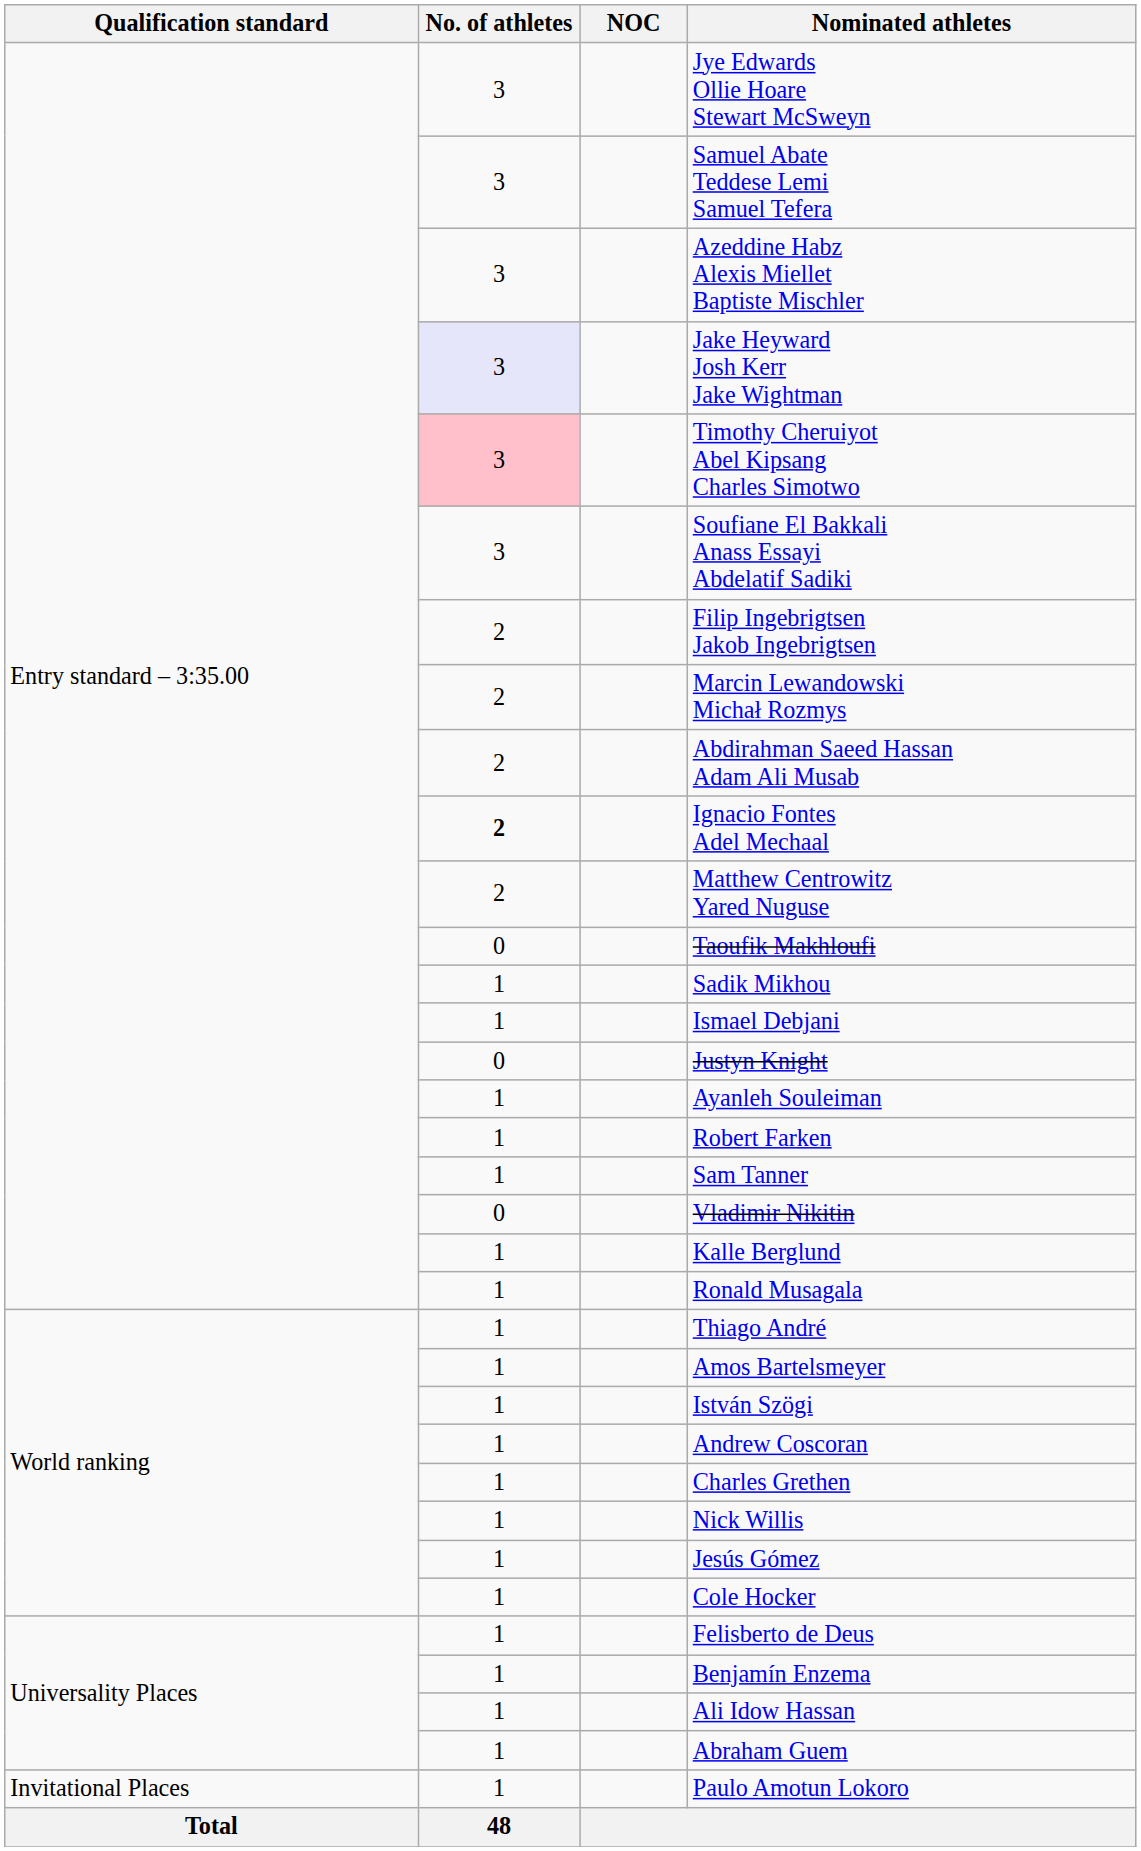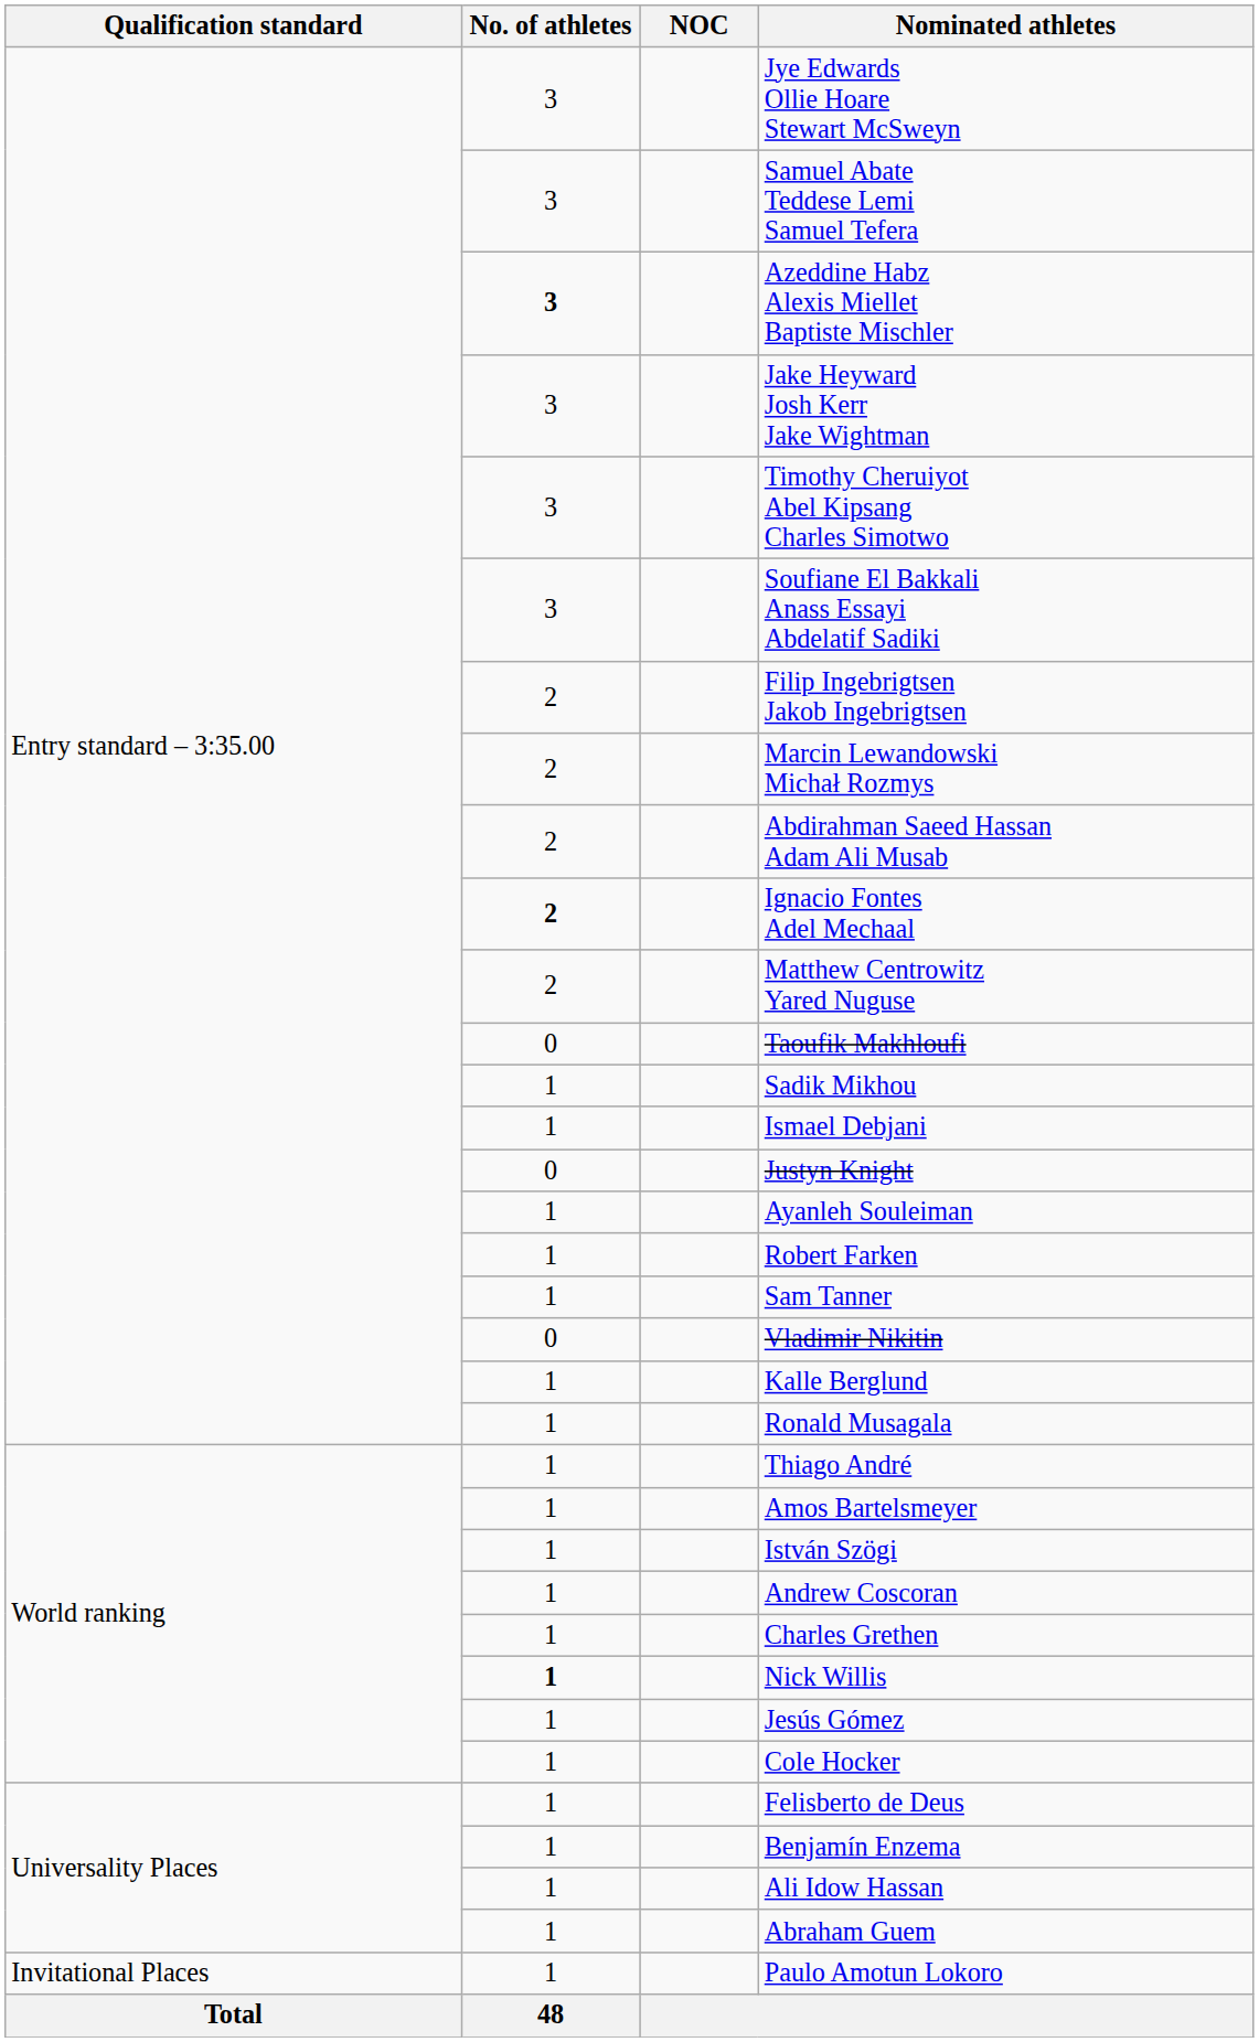 <table class="wikitable" style="text-align:left; width:750px;">
 <tr>
 <th>Qualification standard</th>
 <th width=100>No. of athletes</th>
 <th>NOC</th>
 <th>Nominated athletes</th>
 </tr>
 <tr>
 <td rowspan=21>Entry standard – 3:35.00</td>
 <td align=center>3</td>
 <td></td>
 <td><a href='#'>Jye Edwards</a><br><a href='#'>Ollie Hoare</a><br><a href='#'>Stewart McSweyn</a></td>
 </tr>
 <tr>
 <td align=center>3</td>
 <td></td>
 <td><a href='#'>Samuel Abate</a><br><a href='#'>Teddese Lemi</a><br><a href='#'>Samuel Tefera</a></td>
 </tr>
 <tr>
-<td align=center>3</td>
+<td align=center><strong>3</strong></td>
 <td></td>
 <td><a href='#'>Azeddine Habz</a><br><a href='#'>Alexis Miellet</a><br><a href='#'>Baptiste Mischler</a></td>
 </tr>
 <tr>
-<td align=center style="background: lavender;">3</td>
+<td align=center>3</td>
 <td></td>
 <td><a href='#'>Jake Heyward</a><br><a href='#'>Josh Kerr</a><br><a href='#'>Jake Wightman</a></td>
 </tr>
 <tr>
-<td align=center style="background: pink;">3</td>
+<td align=center>3</td>
 <td></td>
 <td><a href='#'>Timothy Cheruiyot</a><br><a href='#'>Abel Kipsang</a><br><a href='#'>Charles Simotwo</a></td>
 </tr>
 <tr>
 <td align=center>3</td>
 <td></td>
 <td><a href='#'>Soufiane El Bakkali</a><br><a href='#'>Anass Essayi</a><br><a href='#'>Abdelatif Sadiki</a></td>
 </tr>
 <tr>
 <td align=center>2</td>
 <td></td>
 <td><a href='#'>Filip Ingebrigtsen</a><br><a href='#'>Jakob Ingebrigtsen</a></td>
 </tr>
 <tr>
 <td align=center>2</td>
 <td></td>
 <td><a href='#'>Marcin Lewandowski</a><br><a href='#'>Michał Rozmys</a></td>
 </tr>
 <tr>
 <td align=center>2</td>
 <td></td>
 <td><a href='#'>Abdirahman Saeed Hassan</a><br><a href='#'>Adam Ali Musab</a></td>
 </tr>
 <tr>
 <td align=center><strong>2</strong></td>
 <td></td>
 <td><a href='#'>Ignacio Fontes</a><br><a href='#'>Adel Mechaal</a></td>
 </tr>
 <tr>
 <td align=center>2</td>
 <td></td>
 <td><a href='#'>Matthew Centrowitz</a><br><a href='#'>Yared Nuguse</a></td>
 </tr>
 <tr>
 <td align=center>0</td>
 <td></td>
 <td><s><a href='#'>Taoufik Makhloufi</a></s></td>
 </tr>
 <tr>
 <td align=center>1</td>
 <td></td>
 <td><a href='#'>Sadik Mikhou</a></td>
 </tr>
 <tr>
 <td align=center>1</td>
 <td></td>
 <td><a href='#'>Ismael Debjani</a></td>
 </tr>
 <tr>
 <td align=center>0</td>
 <td></td>
 <td><s><a href='#'>Justyn Knight</a></s></td>
 </tr>
 <tr>
 <td align=center>1</td>
 <td></td>
 <td><a href='#'>Ayanleh Souleiman</a></td>
 </tr>
 <tr>
 <td align=center>1</td>
 <td></td>
 <td><a href='#'>Robert Farken</a></td>
 </tr>
 <tr>
 <td align=center>1</td>
 <td></td>
 <td><a href='#'>Sam Tanner</a></td>
 </tr>
 <tr>
 <td align=center>0</td>
 <td> </td>
 <td><s><a href='#'>Vladimir Nikitin</a></s></td>
 </tr>
 <tr>
 <td align=center>1</td>
 <td></td>
 <td><a href='#'>Kalle Berglund</a></td>
 </tr>
 <tr>
 <td align=center>1</td>
 <td></td>
 <td><a href='#'>Ronald Musagala</a></td>
 </tr>
 <tr>
 <td rowspan=8>World ranking</td>
 <td align=center>1</td>
 <td></td>
 <td><a href='#'>Thiago André</a></td>
 </tr>
 <tr>
 <td align=center>1</td>
 <td></td>
 <td><a href='#'>Amos Bartelsmeyer</a></td>
 </tr>
 <tr>
 <td align=center>1</td>
 <td></td>
 <td><a href='#'>István Szögi</a></td>
 </tr>
 <tr>
 <td align=center>1</td>
 <td></td>
 <td><a href='#'>Andrew Coscoran</a></td>
 </tr>
 <tr>
 <td align=center>1</td>
 <td></td>
 <td><a href='#'>Charles Grethen</a></td>
 </tr>
 <tr>
-<td align=center>1</td>
+<td align=center><strong>1</strong></td>
 <td></td>
 <td><a href='#'>Nick Willis</a></td>
 </tr>
 <tr>
 <td align=center>1</td>
 <td></td>
 <td><a href='#'>Jesús Gómez</a></td>
 </tr>
 <tr>
 <td align=center>1</td>
 <td></td>
 <td><a href='#'>Cole Hocker</a></td>
 </tr>
 <tr>
 <td rowspan=4>Universality Places</td>
 <td align=center>1</td>
 <td></td>
 <td><a href='#'>Felisberto de Deus</a></td>
 </tr>
 <tr>
 <td align=center>1</td>
 <td></td>
 <td><a href='#'>Benjamín Enzema</a></td>
 </tr>
 <tr>
 <td align=center>1</td>
 <td></td>
 <td><a href='#'>Ali Idow Hassan</a></td>
 </tr>
 <tr>
 <td align=center>1</td>
 <td></td>
 <td><a href='#'>Abraham Guem</a></td>
 </tr>
 <tr>
 <td>Invitational Places</td>
 <td align=center>1</td>
 <td></td>
 <td><a href='#'>Paulo Amotun Lokoro</a></td>
 </tr>
 <tr>
 <th>Total</th>
 <th>48</th>
 <th colspan=2></th>
 </tr>
 </table>
